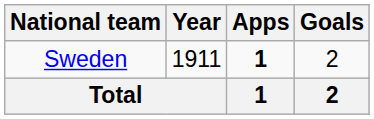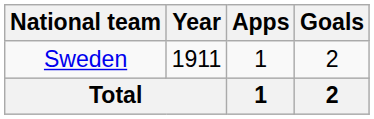 <table class=wikitable style=text-align:center>
 <tr>
 <th>National team</th>
 <th>Year</th>
 <th>Apps</th>
 <th>Goals</th>
 </tr>
 <tr>
 <td rowspan="1"><a href='#'>Sweden</a></td>
 <td>1911</td>
-<td><strong>1</strong></td>
+<td>1</td>
 <td>2</td>
 </tr>
 <tr>
 <th colspan="2">Total</th>
 <th>1</th>
 <th>2</th>
 </tr>
 </table>
